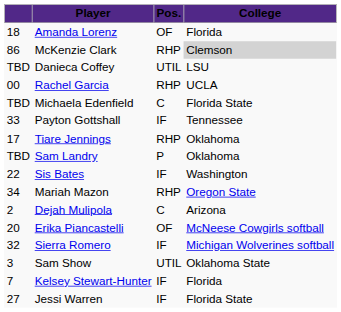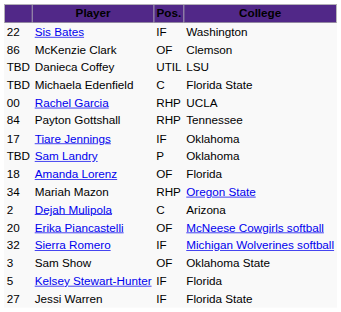 <table class="wikitable" style="border:none;">
 <tr>
 <th style="background:#512888; color:#000; "></th>
 <th style="background:#512888; color:#000; ">Player</th>
 <th style="background:#512888; color:#000; ">Pos.</th>
 <th style="background:#512888; color:#000; ">College</th>
 </tr>
 <tr>
-<td style="border:none">18</td>
-<td style="border:none; text-align:left"><a href='#'>Amanda Lorenz</a></td>
-<td style="border:none">OF</td>
-<td style="border:none; text-align:left">Florida</td>
+<td style="border:none">22</td>
+<td style="border:none; text-align:left"><a href='#'>Sis Bates</a></td>
+<td style="border:none">IF</td>
+<td style="border:none; text-align:left">Washington</td>
 </tr>
 <tr>
 <td style="border:none">86</td>
 <td style="border:none; text-align:left">McKenzie Clark</td>
-<td style="border:none">RHP</td>
-<td style="background: lightgrey; border:none; text-align:left">Clemson</td>
+<td style="border:none">OF</td>
+<td style="border:none; text-align:left">Clemson</td>
 </tr>
 <tr>
 <td style="border:none">TBD</td>
 <td style="border:none; text-align:left">Danieca Coffey</td>
 <td style="border:none">UTIL</td>
 <td style="border:none; text-align:left">LSU</td>
 </tr>
 <tr>
+<td style="border:none">TBD</td>
+<td style="border:none; text-align:left">Michaela Edenfield</td>
+<td style="border:none">C</td>
+<td style="border:none; text-align:left">Florida State</td>
+</tr>
+<tr>
 <td style="border:none">00</td>
 <td style="border:none; text-align:left"><a href='#'>Rachel Garcia</a></td>
 <td style="border:none">RHP</td>
 <td style="border:none; text-align:left">UCLA</td>
 </tr>
 <tr>
-<td style="border:none">TBD</td>
-<td style="border:none; text-align:left">Michaela Edenfield</td>
-<td style="border:none">C</td>
-<td style="border:none; text-align:left">Florida State</td>
-</tr>
-<tr>
-<td style="border:none">33</td>
+<td style="border:none">84</td>
 <td style="border:none; text-align:left">Payton Gottshall</td>
-<td style="border:none">IF</td>
+<td style="border:none">RHP</td>
 <td style="border:none; text-align:left">Tennessee</td>
 </tr>
 <tr>
 <td style="border:none">17</td>
 <td style="border:none; text-align:left"><a href='#'>Tiare Jennings</a></td>
-<td style="border:none">RHP</td>
+<td style="border:none">IF</td>
 <td style="border:none; text-align:left">Oklahoma</td>
 </tr>
 <tr>
 <td style="border:none">TBD</td>
 <td style="border:none; text-align:left"><a href='#'>Sam Landry</a></td>
 <td style="border:none">P</td>
 <td style="border:none; text-align:left">Oklahoma</td>
 </tr>
 <tr>
-<td style="border:none">22</td>
-<td style="border:none; text-align:left"><a href='#'>Sis Bates</a></td>
-<td style="border:none">IF</td>
-<td style="border:none; text-align:left">Washington</td>
+<td style="border:none">18</td>
+<td style="border:none; text-align:left"><a href='#'>Amanda Lorenz</a></td>
+<td style="border:none">OF</td>
+<td style="border:none; text-align:left">Florida</td>
 </tr>
 <tr>
 <td style="border:none">34</td>
 <td style="border:none; text-align:left">Mariah Mazon</td>
 <td style="border:none">RHP</td>
 <td style="border:none; text-align:left"><a href='#'>Oregon State</a></td>
 </tr>
 <tr>
 <td style="border:none">2</td>
 <td style="border:none; text-align:left"><a href='#'>Dejah Mulipola</a></td>
 <td style="border:none">C</td>
 <td style="border:none; text-align:left">Arizona</td>
 </tr>
 <tr>
 <td style="border:none">20</td>
 <td style="border:none; text-align:left"><a href='#'>Erika Piancastelli</a></td>
 <td style="border:none">OF</td>
 <td style="border:none; text-align:left"><a href='#'>McNeese Cowgirls softball</a></td>
 </tr>
 <tr>
 <td style="border:none">32</td>
 <td style="border:none; text-align:left"><a href='#'>Sierra Romero</a></td>
 <td style="border:none">IF</td>
 <td style="border:none; text-align:left"><a href='#'>Michigan Wolverines softball</a></td>
 </tr>
 <tr>
 <td style="border:none">3</td>
 <td style="border:none; text-align:left">Sam Show</td>
-<td style="border:none">UTIL</td>
+<td style="border:none">OF</td>
 <td style="border:none; text-align:left">Oklahoma State</td>
 </tr>
 <tr>
-<td style="border:none">7</td>
+<td style="border:none">5</td>
 <td style="border:none; text-align:left"><a href='#'>Kelsey Stewart-Hunter</a></td>
 <td style="border:none">IF</td>
 <td style="border:none; text-align:left">Florida</td>
 </tr>
 <tr>
 <td style="border:none">27</td>
 <td style="border:none; text-align:left">Jessi Warren</td>
 <td style="border:none">IF</td>
 <td style="border:none; text-align:left">Florida State</td>
 </tr>
 </table>
